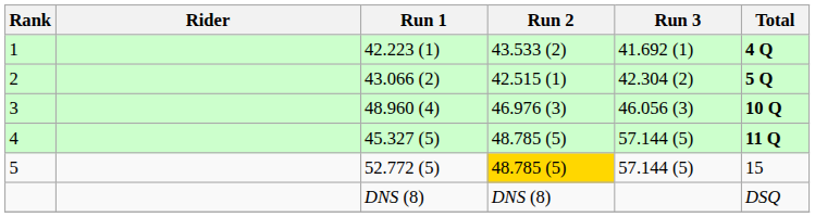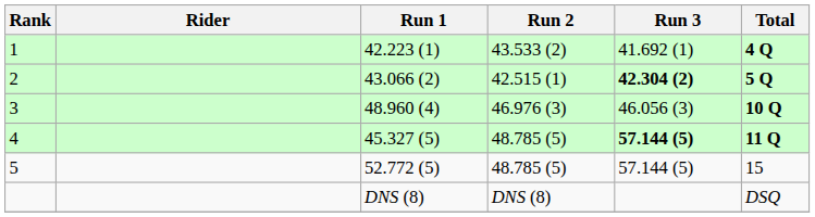 <table class="wikitable" style="font-size:95%" style="text-align:center">
 <tr>
 <th>Rank</th>
 <th width=250>Rider</th>
 <th width=100>Run 1</th>
 <th width=100>Run 2</th>
 <th width=100>Run 3</th>
 <th width=50>Total</th>
 </tr>
 <tr bgcolor=ccffcc>
 <td>1</td>
 <td align=left></td>
 <td>42.223 (1)</td>
 <td>43.533 (2)</td>
 <td>41.692 (1)</td>
 <td><strong>4 Q</strong></td>
 </tr>
 <tr bgcolor=ccffcc>
 <td>2</td>
 <td align=left></td>
 <td>43.066 (2)</td>
 <td>42.515 (1)</td>
-<td>42.304 (2)</td>
+<td><strong>42.304 (2)</strong></td>
 <td><strong>5 Q</strong></td>
 </tr>
 <tr bgcolor=ccffcc>
 <td>3</td>
 <td align=left></td>
 <td>48.960 (4)</td>
 <td>46.976 (3)</td>
 <td>46.056 (3)</td>
 <td><strong>10 Q</strong></td>
 </tr>
 <tr bgcolor=ccffcc>
 <td>4</td>
 <td align=left></td>
 <td>45.327 (5)</td>
 <td>48.785 (5)</td>
-<td>57.144 (5)</td>
+<td><strong>57.144 (5)</strong></td>
 <td><strong>11 Q</strong></td>
 </tr>
 <tr>
 <td>5</td>
 <td align=left></td>
 <td>52.772 (5)</td>
-<td style="background: gold;">48.785 (5)</td>
+<td>48.785 (5)</td>
 <td>57.144 (5)</td>
 <td>15</td>
 </tr>
 <tr>
 <td></td>
 <td align=left></td>
 <td><em>DNS</em> (8)</td>
 <td><em>DNS</em> (8)</td>
 <td></td>
 <td><em>DSQ</em></td>
 </tr>
 <tr>
 </tr>
 </table>
